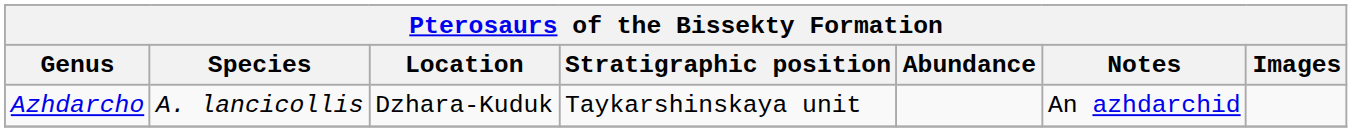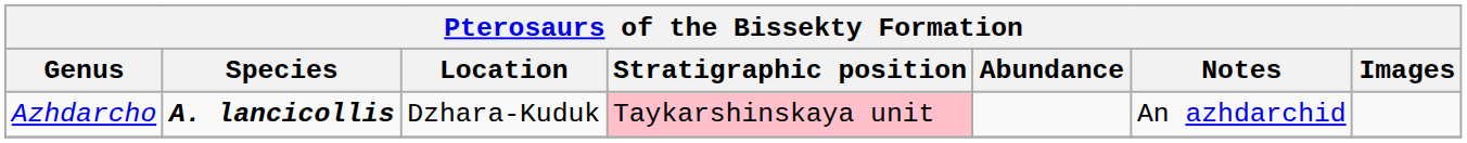 <table class="wikitable" align="center">
 <tr>
 <th colspan="7" align="center"><strong><a href='#'>Pterosaurs</a> of the Bissekty Formation</strong></th>
 </tr>
 <tr>
 <th>Genus</th>
 <th>Species</th>
 <th>Location</th>
 <th>Stratigraphic position</th>
 <th>Abundance</th>
 <th>Notes</th>
 <th>Images</th>
 </tr>
 <tr>
 <td><em><a href='#'>Azhdarcho</a></em></td>
-<td><em>A. lancicollis</em></td>
+<td><strong><em>A. lancicollis</em></strong></td>
 <td>Dzhara-Kuduk</td>
-<td>Taykarshinskaya unit</td>
+<td style="background: pink;">Taykarshinskaya unit</td>
 <td></td>
 <td>An <a href='#'>azhdarchid</a></td>
 <td></td>
 </tr>
 <tr>
 </tr>
 </table>
